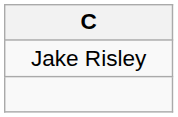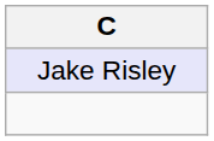 <table class="wikitable" width="120px">
 <tr>
 <th>C</th>
 </tr>
 <tr>
-<td align="center">Jake Risley</td>
+<td align="center" style="background: lavender;">Jake Risley</td>
 </tr>
 <tr>
 <td align="center"> </td>
 </tr>
 </table>
